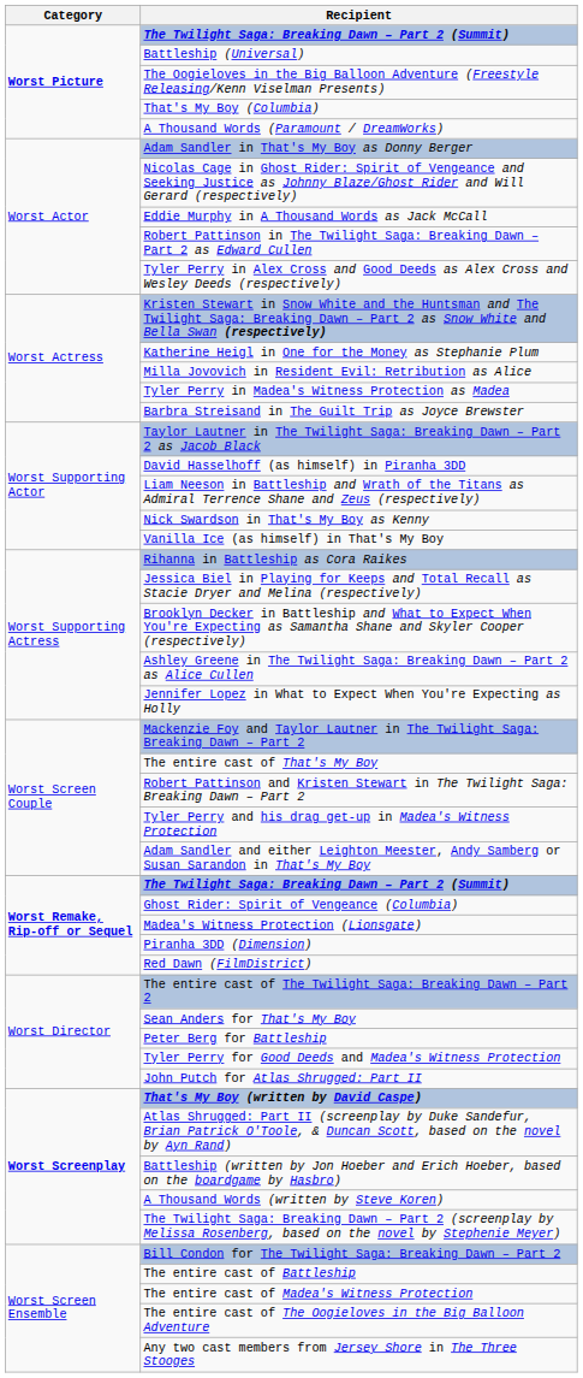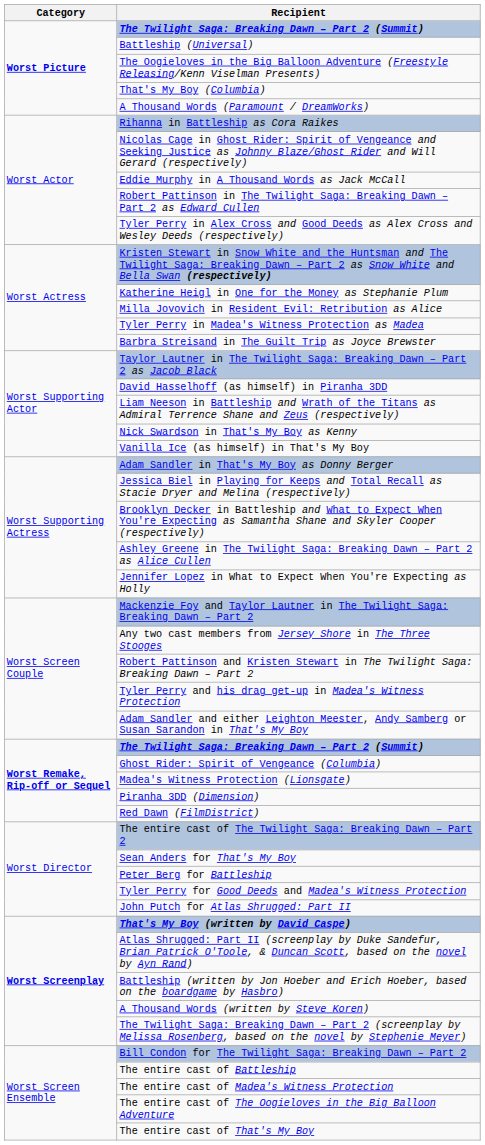 <table class="wikitable">
 <tr>
 <th>Category</th>
 <th>Recipient</th>
 </tr>
 <tr>
 <td rowspan=5><strong><a href='#'>Worst Picture</a></strong></td>
 <td style="background:#B0C4DE"><strong><em><a href='#'>The Twilight Saga: Breaking Dawn – Part 2</a><em> (<a href='#'>Summit</a>)<strong></td>
 </tr>
 <tr>
 <td></em><a href='#'>Battleship</a><em> (<a href='#'>Universal</a>)</td>
 </tr>
 <tr>
 <td></em><a href='#'>The Oogieloves in the Big Balloon Adventure</a><em> (<a href='#'>Freestyle Releasing</a>/Kenn Viselman Presents)</td>
 </tr>
 <tr>
 <td></em><a href='#'>That's My Boy</a><em> (<a href='#'>Columbia</a>)</td>
 </tr>
 <tr>
 <td></em><a href='#'>A Thousand Words</a><em> (<a href='#'>Paramount</a> / <a href='#'>DreamWorks</a>)</td>
 </tr>
 <tr>
 <td rowspan=5></strong><a href='#'>Worst Actor</a><strong></td>
-<td style="background:#B0C4DE"></strong><a href='#'>Adam Sandler</a> in </em><a href='#'>That's My Boy</a><em> as Donny Berger<strong></td>
+<td style="background:#B0C4DE"></strong><a href='#'>Rihanna</a> in </em><a href='#'>Battleship</a><em> as Cora Raikes<strong></td>
 </tr>
 <tr>
 <td><a href='#'>Nicolas Cage</a> in </em><a href='#'>Ghost Rider: Spirit of Vengeance</a><em> and </em><a href='#'>Seeking Justice</a><em> as <a href='#'>Johnny Blaze/Ghost Rider</a> and Will Gerard (respectively)</td>
 </tr>
 <tr>
 <td><a href='#'>Eddie Murphy</a> in </em><a href='#'>A Thousand Words</a><em> as Jack McCall</td>
 </tr>
 <tr>
 <td><a href='#'>Robert Pattinson</a> in </em><a href='#'>The Twilight Saga: Breaking Dawn – Part 2</a><em> as <a href='#'>Edward Cullen</a></td>
 </tr>
 <tr>
 <td><a href='#'>Tyler Perry</a> in </em><a href='#'>Alex Cross</a><em> and </em><a href='#'>Good Deeds</a><em> as Alex Cross and Wesley Deeds (respectively)</td>
 </tr>
 <tr>
 <td rowspan=5></strong><a href='#'>Worst Actress</a><strong></td>
 <td style="background:#B0C4DE"></strong><a href='#'>Kristen Stewart</a> in </em><a href='#'>Snow White and the Huntsman</a><em> and </em><a href='#'>The Twilight Saga: Breaking Dawn – Part 2</a><em> as <a href='#'>Snow White</a> and <a href='#'>Bella Swan</a><strong> (respectively)</td>
 </tr>
 <tr>
 <td><a href='#'>Katherine Heigl</a> in </em><a href='#'>One for the Money</a><em> as Stephanie Plum</td>
 </tr>
 <tr>
 <td><a href='#'>Milla Jovovich</a> in </em><a href='#'>Resident Evil: Retribution</a><em> as Alice</td>
 </tr>
 <tr>
 <td><a href='#'>Tyler Perry</a> in </em><a href='#'>Madea's Witness Protection</a><em> as <a href='#'>Madea</a></td>
 </tr>
 <tr>
 <td><a href='#'>Barbra Streisand</a> in </em><a href='#'>The Guilt Trip</a><em> as Joyce Brewster</td>
 </tr>
 <tr>
 <td rowspan=5></strong><a href='#'>Worst Supporting Actor</a><strong></td>
 <td style="background:#B0C4DE"></strong><a href='#'>Taylor Lautner</a> in </em><a href='#'>The Twilight Saga: Breaking Dawn – Part 2</a><em> as <a href='#'>Jacob Black</a><strong></td>
 </tr>
 <tr>
 <td><a href='#'>David Hasselhoff</a> (as himself) in </em><a href='#'>Piranha 3DD</a><em></td>
 </tr>
 <tr>
 <td><a href='#'>Liam Neeson</a> in </em><a href='#'>Battleship</a><em> and </em><a href='#'>Wrath of the Titans</a><em> as Admiral Terrence Shane and <a href='#'>Zeus</a> (respectively)</td>
 </tr>
 <tr>
 <td><a href='#'>Nick Swardson</a> in </em><a href='#'>That's My Boy</a><em> as Kenny</td>
 </tr>
 <tr>
 <td><a href='#'>Vanilla Ice</a> (as himself) in </em>That's My Boy<em></td>
 </tr>
 <tr>
 <td rowspan=5></strong><a href='#'>Worst Supporting Actress</a><strong></td>
-<td style="background:#B0C4DE"></strong><a href='#'>Rihanna</a> in </em><a href='#'>Battleship</a><em> as Cora Raikes<strong></td>
+<td style="background:#B0C4DE"></strong><a href='#'>Adam Sandler</a> in </em><a href='#'>That's My Boy</a><em> as Donny Berger<strong></td>
 </tr>
 <tr>
 <td><a href='#'>Jessica Biel</a> in </em><a href='#'>Playing for Keeps</a><em> and </em><a href='#'>Total Recall</a><em> as Stacie Dryer and Melina (respectively)</td>
 </tr>
 <tr>
 <td><a href='#'>Brooklyn Decker</a> in </em>Battleship<em> and </em><a href='#'>What to Expect When You're Expecting</a><em> as Samantha Shane and Skyler Cooper (respectively)</td>
 </tr>
 <tr>
 <td><a href='#'>Ashley Greene</a> in </em><a href='#'>The Twilight Saga: Breaking Dawn – Part 2</a><em> as <a href='#'>Alice Cullen</a></td>
 </tr>
 <tr>
 <td><a href='#'>Jennifer Lopez</a> in </em>What to Expect When You're Expecting<em> as Holly</td>
 </tr>
 <tr>
 <td rowspan=5></strong><a href='#'>Worst Screen Couple</a><strong></td>
 <td style="background:#B0C4DE"></strong><a href='#'>Mackenzie Foy</a> and <a href='#'>Taylor Lautner</a> in </em><a href='#'>The Twilight Saga: Breaking Dawn – Part 2</a></em></strong></td>
 </tr>
 <tr>
-<td>The entire cast of <em><a href='#'>That's My Boy</a></em></td>
+<td>Any two cast members from <em><a href='#'>Jersey Shore</a></em> in <em><a href='#'>The Three Stooges</a></em></td>
 </tr>
 <tr>
 <td><a href='#'>Robert Pattinson</a> and <a href='#'>Kristen Stewart</a> in <em>The Twilight Saga: Breaking Dawn – Part 2</em></td>
 </tr>
 <tr>
 <td><a href='#'>Tyler Perry</a> and <a href='#'>his drag get-up</a> in <em><a href='#'>Madea's Witness Protection</a></em></td>
 </tr>
 <tr>
 <td><a href='#'>Adam Sandler</a> and either <a href='#'>Leighton Meester</a>, <a href='#'>Andy Samberg</a> or <a href='#'>Susan Sarandon</a> in <em><a href='#'>That's My Boy</a></em></td>
 </tr>
 <tr>
 <td rowspan=5><strong><a href='#'>Worst Remake, Rip-off or Sequel</a></strong></td>
 <td style="background:#B0C4DE"><strong><em><a href='#'>The Twilight Saga: Breaking Dawn – Part 2</a><em> (<a href='#'>Summit</a>)<strong></td>
 </tr>
 <tr>
 <td></em><a href='#'>Ghost Rider: Spirit of Vengeance</a><em> (<a href='#'>Columbia</a>)</td>
 </tr>
 <tr>
 <td></em><a href='#'>Madea's Witness Protection</a><em> (<a href='#'>Lionsgate</a>)</td>
 </tr>
 <tr>
 <td></em><a href='#'>Piranha 3DD</a><em> (<a href='#'>Dimension</a>)</td>
 </tr>
 <tr>
 <td></em><a href='#'>Red Dawn</a><em> (<a href='#'>FilmDistrict</a>)</td>
 </tr>
 <tr>
 <td rowspan=5></strong><a href='#'>Worst Director</a><strong></td>
 <td style="background:#B0C4DE"></strong>The entire cast of </em><a href='#'>The Twilight Saga: Breaking Dawn – Part 2</a></em></strong></td>
 </tr>
 <tr>
 <td><a href='#'>Sean Anders</a> for <em><a href='#'>That's My Boy</a></em></td>
 </tr>
 <tr>
 <td><a href='#'>Peter Berg</a> for <em><a href='#'>Battleship</a></em></td>
 </tr>
 <tr>
 <td><a href='#'>Tyler Perry</a> for <em><a href='#'>Good Deeds</a></em> and <em><a href='#'>Madea's Witness Protection</a></em></td>
 </tr>
 <tr>
 <td><a href='#'>John Putch</a> for <em><a href='#'>Atlas Shrugged: Part II</a></em></td>
 </tr>
 <tr>
 <td rowspan=5><strong><a href='#'>Worst Screenplay</a></strong></td>
 <td style="background:#B0C4DE"><strong><em><a href='#'>That's My Boy</a><em> (written by <a href='#'>David Caspe</a>)<strong></td>
 </tr>
 <tr>
 <td></em><a href='#'>Atlas Shrugged: Part II</a><em> (screenplay by Duke Sandefur, <a href='#'>Brian Patrick O'Toole</a>, & <a href='#'>Duncan Scott</a>, based on the <a href='#'>novel</a> by <a href='#'>Ayn Rand</a>)</td>
 </tr>
 <tr>
 <td></em><a href='#'>Battleship</a><em> (written by Jon Hoeber and Erich Hoeber, based on the <a href='#'>boardgame</a> by <a href='#'>Hasbro</a>)</td>
 </tr>
 <tr>
 <td></em><a href='#'>A Thousand Words</a><em> (written by <a href='#'>Steve Koren</a>)</td>
 </tr>
 <tr>
 <td></em><a href='#'>The Twilight Saga: Breaking Dawn – Part 2</a><em> (screenplay by <a href='#'>Melissa Rosenberg</a>, based on the <a href='#'>novel</a> by <a href='#'>Stephenie Meyer</a>)</td>
 </tr>
 <tr>
 <td rowspan=5></strong><a href='#'>Worst Screen Ensemble</a><strong></td>
 <td style="background:#B0C4DE"></strong><a href='#'>Bill Condon</a> for </em><a href='#'>The Twilight Saga: Breaking Dawn – Part 2</a></em></strong></td>
 </tr>
 <tr>
 <td>The entire cast of <em><a href='#'>Battleship</a></em></td>
 </tr>
 <tr>
 <td>The entire cast of <em><a href='#'>Madea's Witness Protection</a></em></td>
 </tr>
 <tr>
 <td>The entire cast of <em><a href='#'>The Oogieloves in the Big Balloon Adventure</a></em></td>
 </tr>
 <tr>
-<td>Any two cast members from <em><a href='#'>Jersey Shore</a></em> in <em><a href='#'>The Three Stooges</a></em></td>
+<td>The entire cast of <em><a href='#'>That's My Boy</a></em></td>
 </tr>
 </table>
